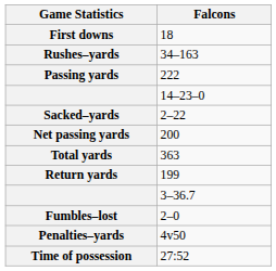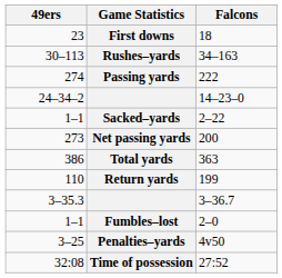 <table class="wikitable" style="margin: 1em auto 1em auto">
 <tr>
+<th style="width:30%;">49ers</th>
 <th style="width:40%;">Game Statistics</th>
 <th style="width:30%;">Falcons</th>
 </tr>
 <tr>
+<td style="text-align:right;">23</td>
 <th>First downs</th>
 <td>18</td>
 </tr>
 <tr>
+<td style="text-align:right;">30–113</td>
 <th>Rushes–yards</th>
 <td>34–163</td>
 </tr>
 <tr>
+<td style="text-align:right;">274</td>
 <th>Passing yards</th>
 <td>222</td>
 </tr>
 <tr>
+<td style="text-align:right;">24–34–2</td>
 <th></th>
 <td>14–23–0</td>
 </tr>
 <tr>
+<td style="text-align:right;">1–1</td>
 <th>Sacked–yards</th>
 <td>2–22</td>
 </tr>
 <tr>
+<td style="text-align:right;">273</td>
 <th>Net passing yards</th>
 <td>200</td>
 </tr>
 <tr>
+<td style="text-align:right;">386</td>
 <th>Total yards</th>
 <td>363</td>
 </tr>
 <tr>
+<td style="text-align:right;">110</td>
 <th>Return yards</th>
 <td>199</td>
 </tr>
 <tr>
+<td style="text-align:right;">3–35.3</td>
 <th></th>
 <td>3–36.7</td>
 </tr>
 <tr>
+<td style="text-align:right;">1–1</td>
 <th>Fumbles–lost</th>
 <td>2–0</td>
 </tr>
 <tr>
+<td style="text-align:right;">3–25</td>
 <th>Penalties–yards</th>
 <td>4v50</td>
 </tr>
 <tr>
+<td style="text-align:right;">32:08</td>
 <th>Time of possession</th>
 <td>27:52</td>
 </tr>
 </table>
